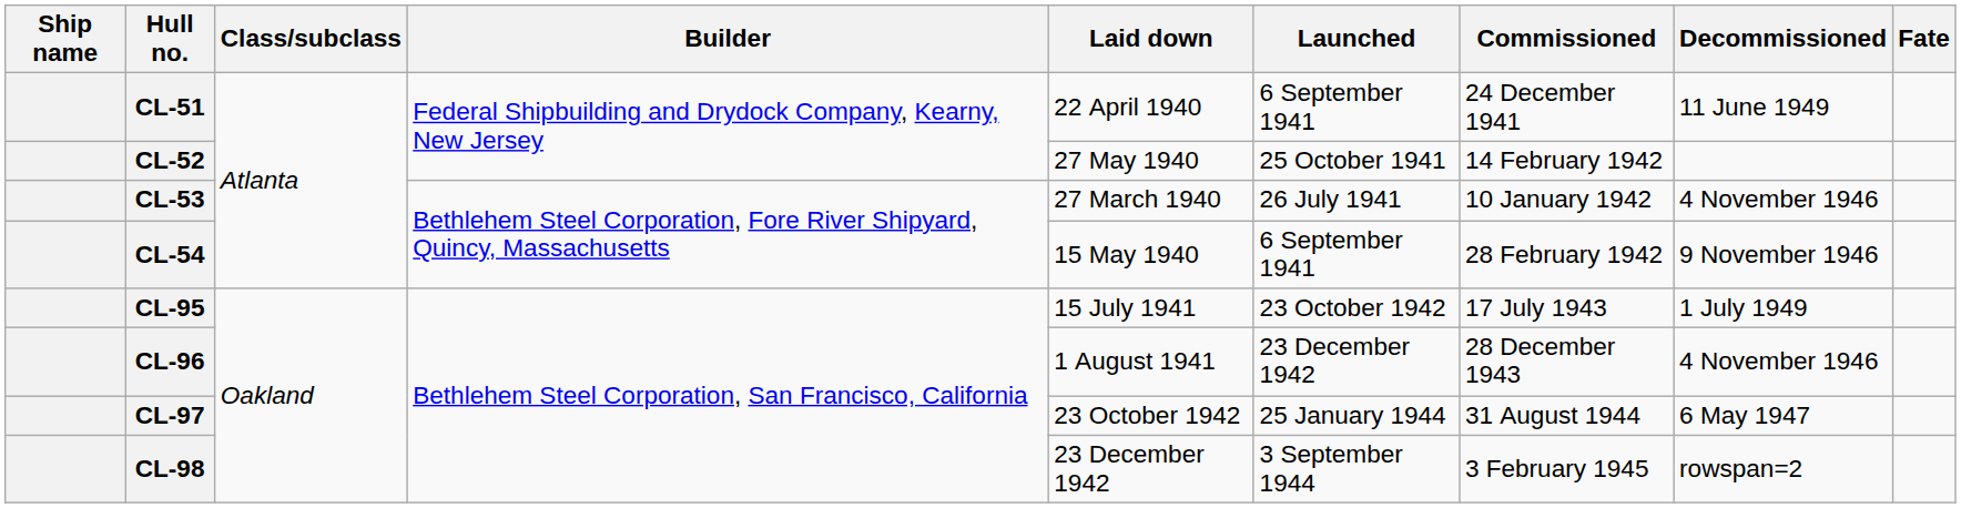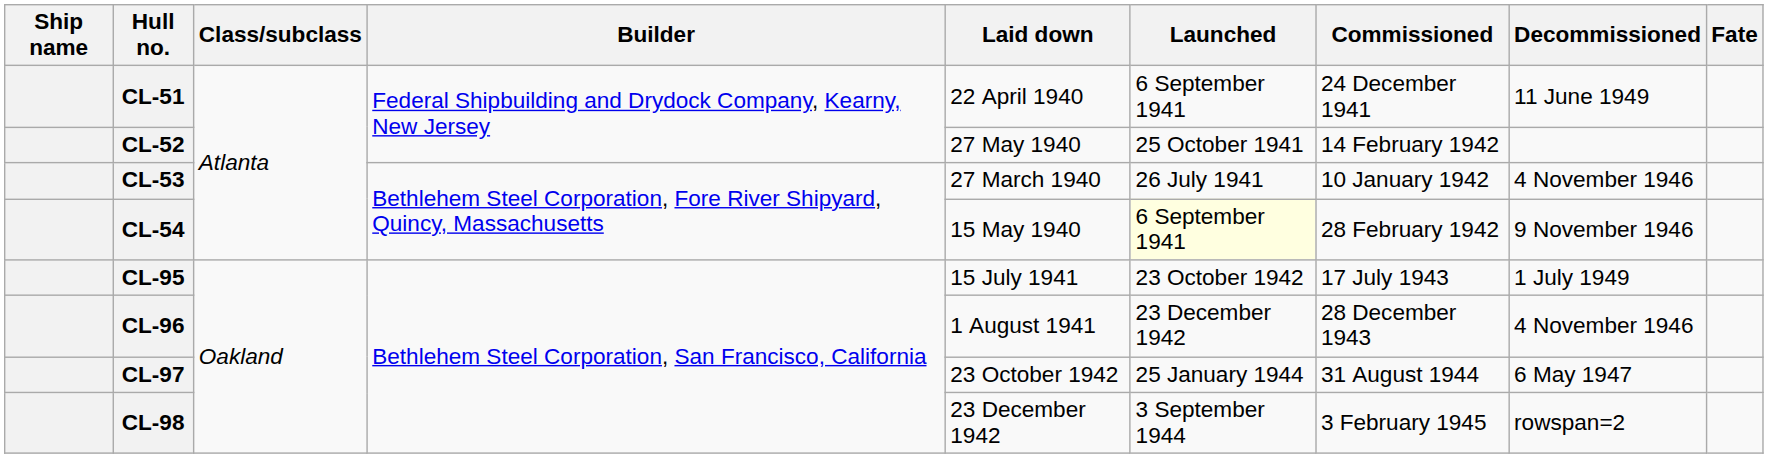 <table class="sortable wikitable plainrowheaders">
 <tr>
 <th scope="col">Ship name</th>
 <th scope="col">Hull no.</th>
 <th scope="col">Class/subclass</th>
 <th scope="col">Builder</th>
 <th scope="col">Laid down</th>
 <th scope="col">Launched</th>
 <th scope="col">Commissioned</th>
 <th scope="col">Decommissioned</th>
 <th scope="col">Fate</th>
 </tr>
 <tr>
 <th scope="row"></th>
 <th scope="row">CL-51</th>
 <td rowspan=4><em>Atlanta</em></td>
 <td rowspan=2><a href='#'>Federal Shipbuilding and Drydock Company</a>, <a href='#'>Kearny, New Jersey</a></td>
 <td>22 April 1940</td>
 <td>6 September 1941</td>
 <td>24 December 1941</td>
 <td>11 June 1949</td>
 <td></td>
 </tr>
 <tr>
 <th scope="row"></th>
 <th scope="row">CL-52</th>
 <td>27 May 1940</td>
 <td>25 October 1941</td>
 <td>14 February 1942</td>
 <td></td>
 </tr>
 <tr>
 <th scope="row"></th>
 <th scope="row">CL-53</th>
 <td rowspan=2><a href='#'>Bethlehem Steel Corporation</a>, <a href='#'>Fore River Shipyard</a>, <a href='#'>Quincy, Massachusetts</a></td>
 <td>27 March 1940</td>
 <td>26 July 1941</td>
 <td>10 January 1942</td>
 <td>4 November 1946</td>
 <td></td>
 </tr>
 <tr>
 <th scope="row"></th>
 <th scope="row">CL-54</th>
 <td>15 May 1940</td>
-<td>6 September 1941</td>
+<td style="background: lightyellow;">6 September 1941</td>
 <td>28 February 1942</td>
 <td>9 November 1946</td>
 <td></td>
 </tr>
 <tr>
 <th scope="row"></th>
 <th scope="row">CL-95</th>
 <td rowspan=4><em>Oakland</em> </td>
 <td rowspan=4><a href='#'>Bethlehem Steel Corporation</a>, <a href='#'>San Francisco, California</a></td>
 <td>15 July 1941</td>
 <td>23 October 1942</td>
 <td>17 July 1943</td>
 <td>1 July 1949</td>
 <td></td>
 </tr>
 <tr>
 <th scope="row"></th>
 <th scope="row">CL-96</th>
 <td>1 August 1941</td>
 <td>23 December 1942</td>
 <td>28 December 1943</td>
 <td>4 November 1946</td>
 <td></td>
 </tr>
 <tr>
 <th scope="row"></th>
 <th scope="row">CL-97</th>
 <td>23 October 1942</td>
 <td>25 January 1944</td>
 <td>31 August 1944</td>
 <td>6 May 1947</td>
 <td></td>
 </tr>
 <tr>
 <th scope="row"></th>
 <th scope="row">CL-98</th>
 <td>23 December 1942</td>
 <td>3 September 1944</td>
 <td>3 February 1945</td>
 <td>rowspan=2 </td>
 <td></td>
 </tr>
 </table>
